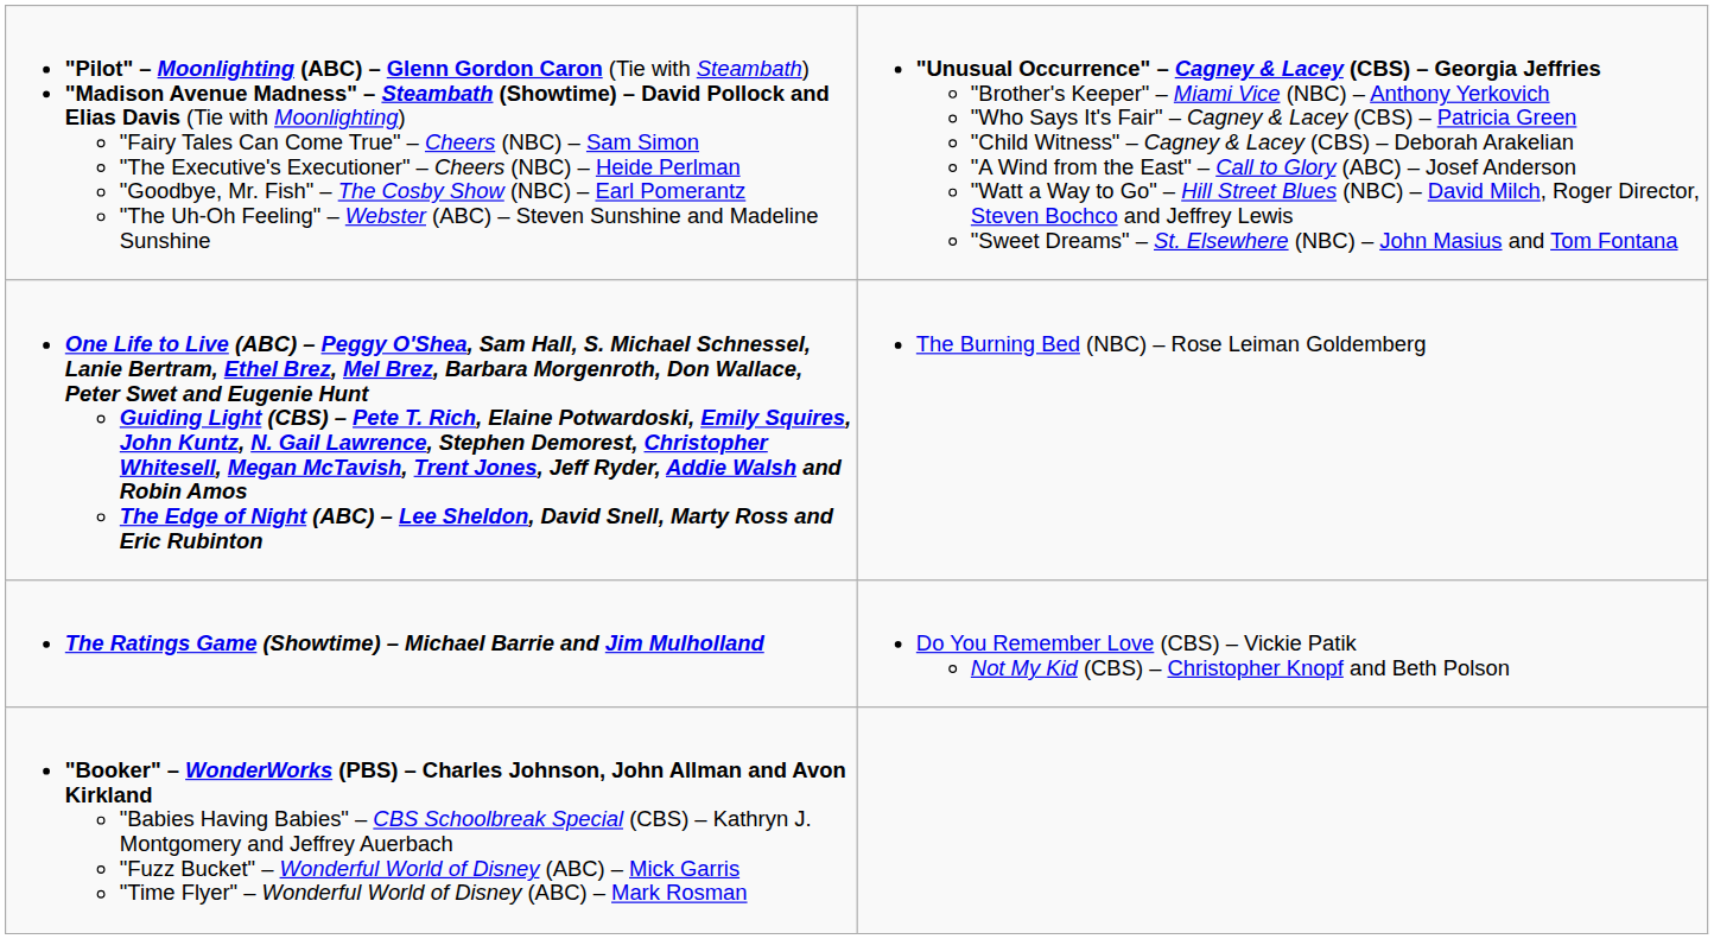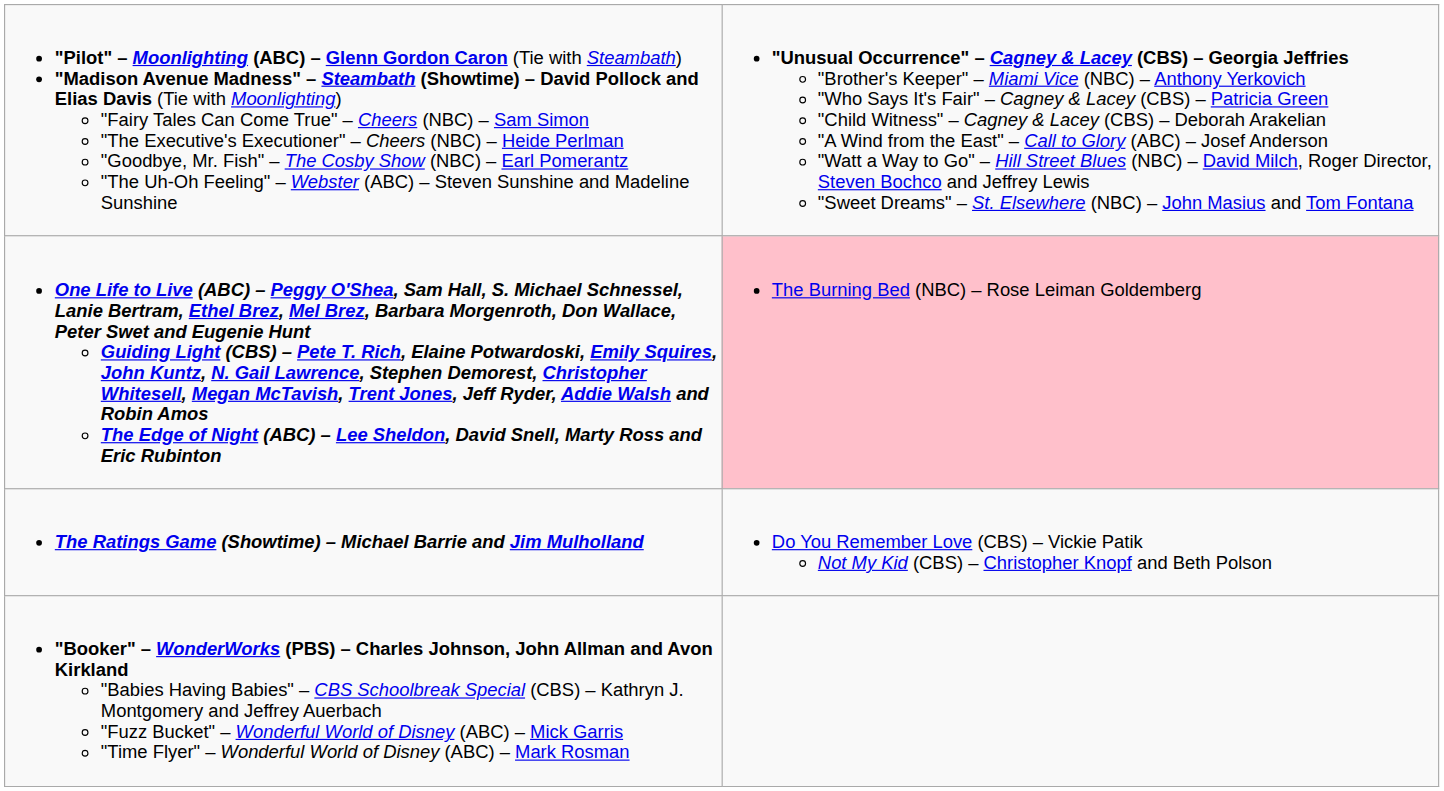 <table class="wikitable">
 <tr>
 <td valign="top" width="50%"><br><ul><li><strong>"Pilot" – <em><a href='#'>Moonlighting</a></em> (ABC) – <a href='#'>Glenn Gordon Caron</a></strong> (Tie with <em><a href='#'>Steambath</a></em>)</li><li><strong>"Madison Avenue Madness" – <em><a href='#'>Steambath</a></em> (Showtime) – David Pollock and Elias Davis</strong> (Tie with <em><a href='#'>Moonlighting</a></em>)<ul><li>"Fairy Tales Can Come True" – <em><a href='#'>Cheers</a></em> (NBC) – <a href='#'>Sam Simon</a></li><li>"The Executive's Executioner" – <em>Cheers</em> (NBC) – <a href='#'>Heide Perlman</a></li><li>"Goodbye, Mr. Fish" – <em><a href='#'>The Cosby Show</a></em> (NBC) – <a href='#'>Earl Pomerantz</a></li><li>"The Uh-Oh Feeling" – <em><a href='#'>Webster</a></em> (ABC) – Steven Sunshine and Madeline Sunshine</li></ul></li></ul></td>
 <td valign="top" width="50%"><br><ul><li><strong>"Unusual Occurrence" – <em><a href='#'>Cagney & Lacey</a></em> (CBS) – Georgia Jeffries</strong><ul><li>"Brother's Keeper" – <em><a href='#'>Miami Vice</a></em> (NBC) – <a href='#'>Anthony Yerkovich</a></li><li>"Who Says It's Fair" – <em>Cagney & Lacey</em> (CBS) – <a href='#'>Patricia Green</a></li><li>"Child Witness" – <em>Cagney & Lacey</em> (CBS) – Deborah Arakelian</li><li>"A Wind from the East" – <em><a href='#'>Call to Glory</a></em> (ABC) – Josef Anderson</li><li>"Watt a Way to Go" – <em><a href='#'>Hill Street Blues</a></em> (NBC) – <a href='#'>David Milch</a>, Roger Director, <a href='#'>Steven Bochco</a> and Jeffrey Lewis</li><li>"Sweet Dreams" – <em><a href='#'>St. Elsewhere</a></em> (NBC) – <a href='#'>John Masius</a> and <a href='#'>Tom Fontana</a></li></ul></li></ul></td>
 </tr>
 <tr>
 <td valign="top" width="50%"><br><ul><li><strong><em><a href='#'>One Life to Live</a><em> (ABC) – <a href='#'>Peggy O'Shea</a>, Sam Hall, S. Michael Schnessel, Lanie Bertram, <a href='#'>Ethel Brez</a>, <a href='#'>Mel Brez</a>, Barbara Morgenroth, Don Wallace, Peter Swet and Eugenie Hunt<strong><ul><li></em><a href='#'>Guiding Light</a><em> (CBS) – <a href='#'>Pete T. Rich</a>, Elaine Potwardoski, <a href='#'>Emily Squires</a>, <a href='#'>John Kuntz</a>, <a href='#'>N. Gail Lawrence</a>, Stephen Demorest, <a href='#'>Christopher Whitesell</a>, <a href='#'>Megan McTavish</a>, <a href='#'>Trent Jones</a>, Jeff Ryder, <a href='#'>Addie Walsh</a> and Robin Amos</li><li></em><a href='#'>The Edge of Night</a><em> (ABC) – <a href='#'>Lee Sheldon</a>, David Snell, Marty Ross and Eric Rubinton</li></ul></li></ul></td>
-<td valign="top" width="50%"><br><ul><li></em></strong><a href='#'>The Burning Bed</a></em> (NBC) – Rose Leiman Goldemberg</strong></li></ul></td>
+<td valign="top" width="50%" style="background: pink;"><br><ul><li></em></strong><a href='#'>The Burning Bed</a></em> (NBC) – Rose Leiman Goldemberg</strong></li></ul></td>
 </tr>
 <tr>
 <td valign="top" width="50%"><br><ul><li><strong><em><a href='#'>The Ratings Game</a><em> (Showtime) – Michael Barrie and <a href='#'>Jim Mulholland</a><strong></li></ul></td>
 <td valign="top" width="50%"><br><ul><li></em></strong><a href='#'>Do You Remember Love</a></em> (CBS) – Vickie Patik</strong><ul><li><em><a href='#'>Not My Kid</a></em> (CBS) – <a href='#'>Christopher Knopf</a> and Beth Polson</li></ul></li></ul></td>
 </tr>
 <tr>
 <td valign="top" width="50%"><br><ul><li><strong> "Booker" – <em><a href='#'>WonderWorks</a></em> (PBS) – Charles Johnson, John Allman and Avon Kirkland</strong><ul><li>"Babies Having Babies" – <em><a href='#'>CBS Schoolbreak Special</a></em> (CBS) – Kathryn J. Montgomery and Jeffrey Auerbach</li><li>"Fuzz Bucket" – <em><a href='#'>Wonderful World of Disney</a></em> (ABC) – <a href='#'>Mick Garris</a></li><li>"Time Flyer" – <em>Wonderful World of Disney</em> (ABC) – <a href='#'>Mark Rosman</a></li></ul></li></ul></td>
 </tr>
 </table>
